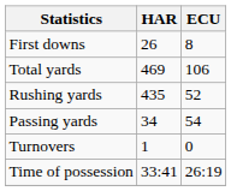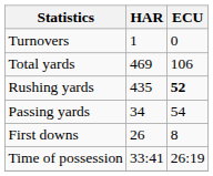 <table class="wikitable" style="float: left;">
 <tr>
 <th>Statistics</th>
 <th>HAR</th>
 <th>ECU</th>
 </tr>
 <tr>
-<td>First downs</td>
-<td>26</td>
-<td>8</td>
+<td>Turnovers</td>
+<td>1</td>
+<td>0</td>
 </tr>
 <tr>
 <td>Total yards</td>
 <td>469</td>
 <td>106</td>
 </tr>
 <tr>
 <td>Rushing yards</td>
 <td>435</td>
-<td>52</td>
+<td><strong>52</strong></td>
 </tr>
 <tr>
 <td>Passing yards</td>
 <td>34</td>
 <td>54</td>
 </tr>
 <tr>
-<td>Turnovers</td>
-<td>1</td>
-<td>0</td>
+<td>First downs</td>
+<td>26</td>
+<td>8</td>
 </tr>
 <tr>
 <td>Time of possession</td>
 <td>33:41</td>
 <td>26:19</td>
 </tr>
 <tr>
 </tr>
 </table>
